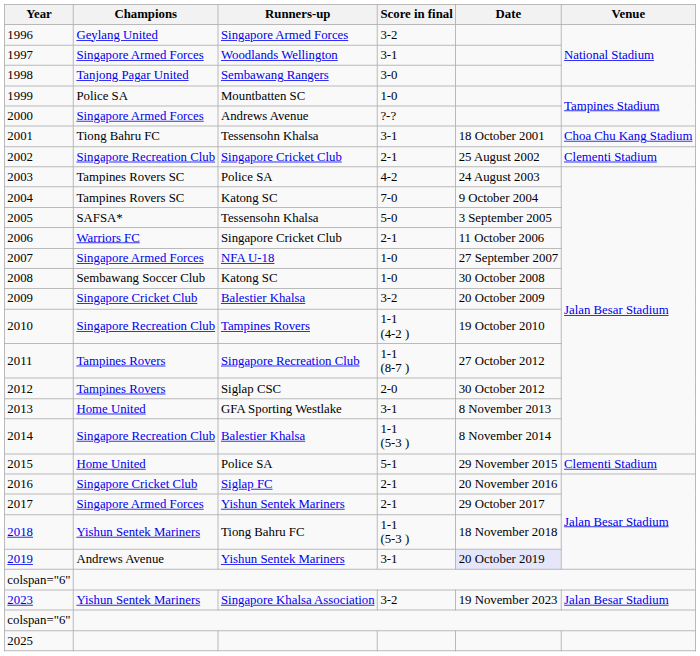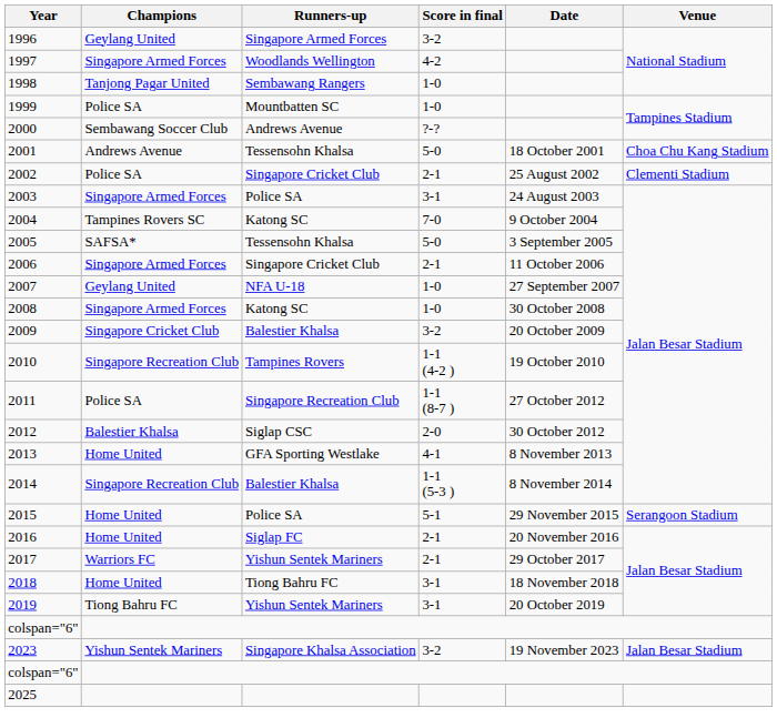 <table class="wikitable defaultcenter col2left col3left">
 <tr>
 <th>Year</th>
 <th>Champions</th>
 <th>Runners-up</th>
 <th>Score in final</th>
 <th>Date</th>
 <th>Venue</th>
 </tr>
 <tr>
 <td>1996</td>
 <td><a href='#'>Geylang United</a></td>
 <td><a href='#'>Singapore Armed Forces</a></td>
 <td>3-2</td>
 <td></td>
 <td rowspan="3"><a href='#'>National Stadium</a></td>
 </tr>
 <tr>
 <td>1997</td>
 <td><a href='#'>Singapore Armed Forces</a></td>
 <td><a href='#'>Woodlands Wellington</a></td>
-<td>3-1</td>
+<td>4-2</td>
 <td></td>
 </tr>
 <tr>
 <td>1998</td>
 <td><a href='#'>Tanjong Pagar United</a></td>
 <td><a href='#'>Sembawang Rangers</a></td>
-<td>3-0</td>
+<td>1-0</td>
 <td></td>
 </tr>
 <tr>
 <td>1999</td>
 <td>Police SA</td>
 <td>Mountbatten SC</td>
 <td>1-0</td>
 <td></td>
 <td rowspan="2"><a href='#'>Tampines Stadium</a></td>
 </tr>
 <tr>
 <td>2000</td>
-<td><a href='#'>Singapore Armed Forces</a></td>
+<td>Sembawang Soccer Club</td>
 <td>Andrews Avenue</td>
 <td>?-?</td>
 <td></td>
 </tr>
 <tr>
 <td>2001</td>
-<td>Tiong Bahru FC</td>
+<td>Andrews Avenue</td>
 <td>Tessensohn Khalsa</td>
-<td>3-1</td>
+<td>5-0</td>
 <td>18 October 2001</td>
 <td><a href='#'>Choa Chu Kang Stadium</a></td>
 </tr>
 <tr>
 <td>2002</td>
-<td><a href='#'>Singapore Recreation Club</a></td>
+<td>Police SA</td>
 <td><a href='#'>Singapore Cricket Club</a></td>
 <td>2-1</td>
 <td>25 August 2002</td>
 <td><a href='#'>Clementi Stadium</a></td>
 </tr>
 <tr>
 <td>2003</td>
-<td>Tampines Rovers SC</td>
+<td><a href='#'>Singapore Armed Forces</a></td>
 <td>Police SA</td>
-<td>4-2</td>
+<td>3-1</td>
 <td>24 August 2003</td>
 <td rowspan="12"><a href='#'>Jalan Besar Stadium</a></td>
 </tr>
 <tr>
 <td>2004</td>
 <td>Tampines Rovers SC</td>
 <td>Katong SC</td>
 <td>7-0</td>
 <td>9 October 2004</td>
 </tr>
 <tr>
 <td>2005</td>
 <td>SAFSA*</td>
 <td>Tessensohn Khalsa</td>
 <td>5-0</td>
 <td>3 September 2005</td>
 </tr>
 <tr>
 <td>2006</td>
-<td><a href='#'>Warriors FC</a></td>
+<td><a href='#'>Singapore Armed Forces</a></td>
 <td>Singapore Cricket Club</td>
 <td>2-1</td>
 <td>11 October 2006</td>
 </tr>
 <tr>
 <td>2007</td>
-<td><a href='#'>Singapore Armed Forces</a></td>
+<td><a href='#'>Geylang United</a></td>
 <td><a href='#'>NFA U-18</a></td>
 <td>1-0</td>
 <td>27 September 2007</td>
 </tr>
 <tr>
 <td>2008</td>
-<td>Sembawang Soccer Club</td>
+<td><a href='#'>Singapore Armed Forces</a></td>
 <td>Katong SC</td>
 <td>1-0</td>
 <td>30 October 2008</td>
 </tr>
 <tr>
 <td>2009</td>
 <td><a href='#'>Singapore Cricket Club</a></td>
 <td><a href='#'>Balestier Khalsa</a></td>
 <td>3-2</td>
 <td>20 October 2009</td>
 </tr>
 <tr>
 <td>2010</td>
 <td><a href='#'>Singapore Recreation Club</a></td>
 <td><a href='#'>Tampines Rovers</a></td>
 <td>1-1<br>(4-2 )</td>
 <td>19 October 2010</td>
 </tr>
 <tr>
 <td>2011</td>
-<td><a href='#'>Tampines Rovers</a></td>
+<td>Police SA</td>
 <td><a href='#'>Singapore Recreation Club</a></td>
 <td>1-1<br>(8-7 )</td>
 <td>27 October 2012</td>
 </tr>
 <tr>
 <td>2012</td>
-<td><a href='#'>Tampines Rovers</a></td>
+<td><a href='#'>Balestier Khalsa</a></td>
 <td>Siglap CSC</td>
 <td>2-0</td>
 <td>30 October 2012</td>
 </tr>
 <tr>
 <td>2013</td>
 <td><a href='#'>Home United</a></td>
 <td>GFA Sporting Westlake</td>
-<td>3-1</td>
+<td>4-1</td>
 <td>8 November 2013</td>
 </tr>
 <tr>
 <td>2014</td>
 <td><a href='#'>Singapore Recreation Club</a></td>
 <td><a href='#'>Balestier Khalsa</a></td>
 <td>1-1<br>(5-3 )</td>
 <td>8 November 2014</td>
 </tr>
 <tr>
 <td>2015</td>
 <td><a href='#'>Home United</a></td>
 <td>Police SA</td>
 <td>5-1</td>
 <td>29 November 2015</td>
-<td><a href='#'>Clementi Stadium</a></td>
+<td><a href='#'>Serangoon Stadium</a></td>
 </tr>
 <tr>
 <td>2016</td>
-<td><a href='#'>Singapore Cricket Club</a></td>
+<td><a href='#'>Home United</a></td>
 <td><a href='#'>Siglap FC</a></td>
 <td>2-1</td>
 <td>20 November 2016</td>
 <td rowspan="4"><a href='#'>Jalan Besar Stadium</a></td>
 </tr>
 <tr>
 <td>2017</td>
-<td><a href='#'>Singapore Armed Forces</a></td>
+<td><a href='#'>Warriors FC</a></td>
 <td><a href='#'>Yishun Sentek Mariners</a></td>
 <td>2-1</td>
 <td>29 October 2017</td>
 </tr>
 <tr>
 <td><a href='#'>2018</a></td>
-<td><a href='#'>Yishun Sentek Mariners</a></td>
+<td><a href='#'>Home United</a></td>
 <td>Tiong Bahru FC</td>
-<td>1-1<br>(5-3 )</td>
+<td>3-1</td>
 <td>18 November 2018</td>
 </tr>
 <tr>
 <td><a href='#'>2019</a></td>
-<td>Andrews Avenue</td>
+<td>Tiong Bahru FC</td>
 <td><a href='#'>Yishun Sentek Mariners</a></td>
 <td>3-1</td>
-<td style="background: lavender;">20 October 2019</td>
+<td>20 October 2019</td>
 </tr>
 <tr>
 <td>colspan="6" </td>
 </tr>
 <tr>
 <td><a href='#'>2023</a></td>
 <td><a href='#'>Yishun Sentek Mariners</a></td>
 <td><a href='#'>Singapore Khalsa Association</a></td>
 <td>3-2</td>
 <td>19 November 2023</td>
 <td><a href='#'>Jalan Besar Stadium</a></td>
 </tr>
 <tr>
 <td>colspan="6" </td>
 </tr>
 <tr>
 <td>2025</td>
 <td></td>
 <td></td>
 <td></td>
 <td></td>
 <td></td>
 </tr>
 </table>
